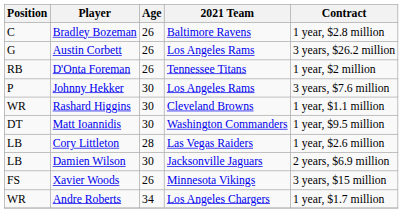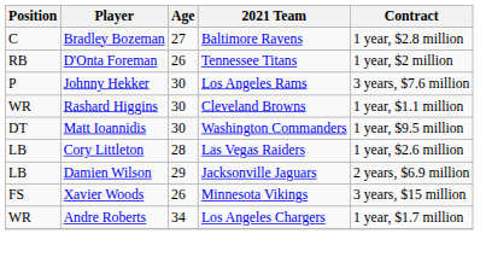 <table class="wikitable">
 <tr>
 <th>Position</th>
 <th>Player</th>
 <th>Age</th>
 <th>2021 Team</th>
 <th>Contract</th>
 </tr>
 <tr>
 <td>C</td>
 <td><a href='#'>Bradley Bozeman</a></td>
-<td>26</td>
+<td>27</td>
 <td><a href='#'>Baltimore Ravens</a></td>
 <td>1 year, $2.8 million</td>
-</tr>
-<tr>
-<td>G</td>
-<td><a href='#'>Austin Corbett</a></td>
-<td>26</td>
-<td><a href='#'>Los Angeles Rams</a></td>
-<td>3 years, $26.2 million</td>
 </tr>
 <tr>
 <td>RB</td>
 <td><a href='#'>D'Onta Foreman</a></td>
 <td>26</td>
 <td><a href='#'>Tennessee Titans</a></td>
 <td>1 year, $2 million</td>
 </tr>
 <tr>
 <td>P</td>
 <td><a href='#'>Johnny Hekker</a></td>
 <td>30</td>
 <td><a href='#'>Los Angeles Rams</a></td>
 <td>3 years, $7.6 million</td>
 </tr>
 <tr>
 <td>WR</td>
 <td><a href='#'>Rashard Higgins</a></td>
 <td>30</td>
 <td><a href='#'>Cleveland Browns</a></td>
 <td>1 year, $1.1 million</td>
 </tr>
 <tr>
 <td>DT</td>
 <td><a href='#'>Matt Ioannidis</a></td>
 <td>30</td>
 <td><a href='#'>Washington Commanders</a></td>
 <td>1 year, $9.5 million</td>
 </tr>
 <tr>
 <td>LB</td>
 <td><a href='#'>Cory Littleton</a></td>
 <td>28</td>
 <td><a href='#'>Las Vegas Raiders</a></td>
 <td>1 year, $2.6 million</td>
 </tr>
 <tr>
 <td>LB</td>
 <td><a href='#'>Damien Wilson</a></td>
-<td>30</td>
+<td>29</td>
 <td><a href='#'>Jacksonville Jaguars</a></td>
 <td>2 years, $6.9 million</td>
 </tr>
 <tr>
 <td>FS</td>
 <td><a href='#'>Xavier Woods</a></td>
 <td>26</td>
 <td><a href='#'>Minnesota Vikings</a></td>
 <td>3 years, $15 million</td>
 </tr>
 <tr>
 <td>WR</td>
 <td><a href='#'>Andre Roberts</a></td>
 <td>34</td>
 <td><a href='#'>Los Angeles Chargers</a></td>
 <td>1 year, $1.7 million</td>
 </tr>
 <tr>
 </tr>
 </table>
